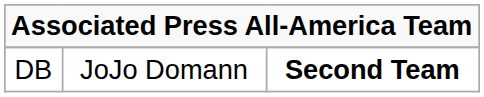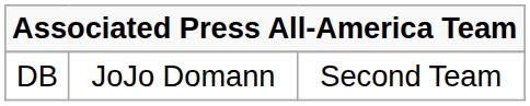 <table class="wikitable sortable" style="text-align:center">
 <tr>
 <td colspan="3"><strong>Associated Press All-America Team</strong></td>
 </tr>
 <tr>
 </tr>
 <tr style="text-align:center;">
 <td style="background:white">DB</td>
 <td style="background:white">JoJo Domann</td>
-<td style="background:white"><strong>Second Team</strong></td>
+<td style="background:white">Second Team</td>
 </tr>
 </table>
